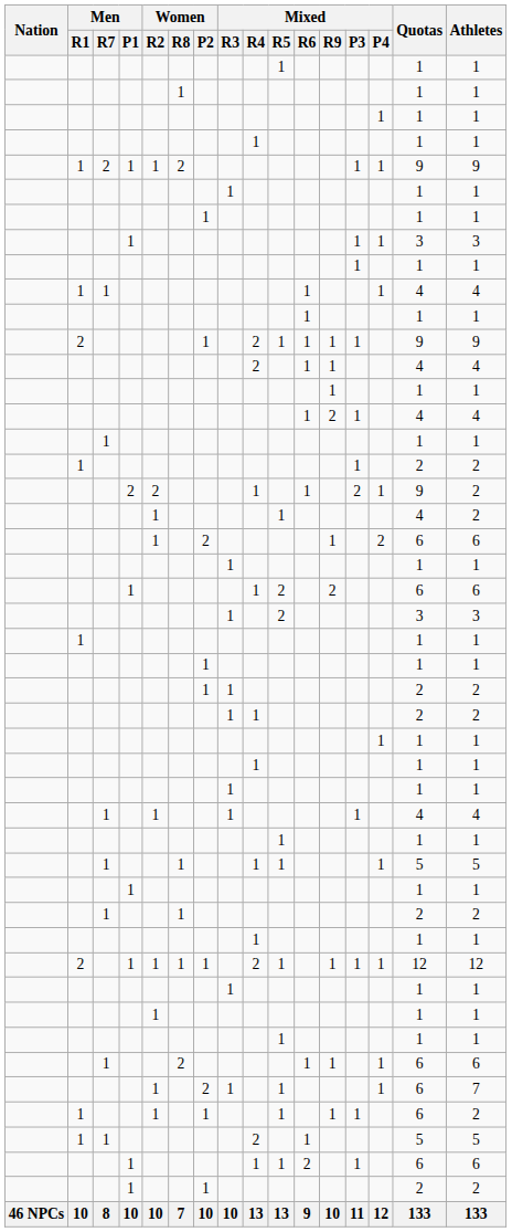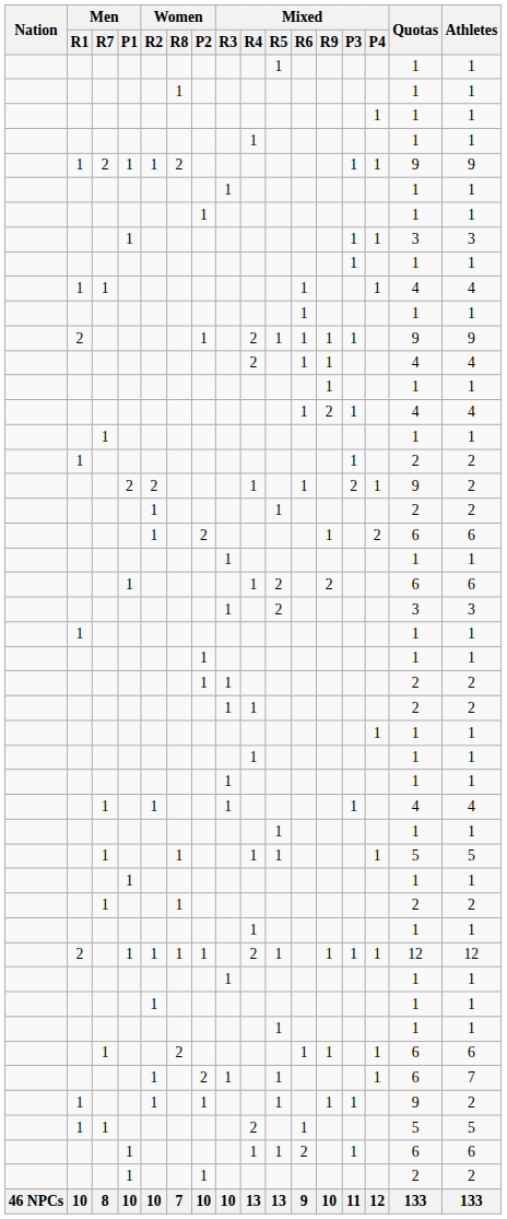 <table class="wikitable sortable" style="font-size:90%">
 <tr>
 <th rowspan="2">Nation</th>
 <th colspan="3">Men</th>
 <th colspan="3">Women</th>
 <th colspan="7">Mixed</th>
 <th rowspan="2">Quotas</th>
 <th rowspan="2">Athletes</th>
 </tr>
 <tr>
 <th>R1</th>
 <th>R7</th>
 <th>P1</th>
 <th>R2</th>
 <th>R8</th>
 <th>P2</th>
 <th>R3</th>
 <th>R4</th>
 <th>R5</th>
 <th>R6</th>
 <th>R9</th>
 <th>P3</th>
 <th>P4</th>
 </tr>
 <tr align=center>
 <td align=left></td>
 <td></td>
 <td></td>
 <td></td>
 <td></td>
 <td></td>
 <td></td>
 <td></td>
 <td></td>
 <td>1</td>
 <td></td>
 <td></td>
 <td></td>
 <td></td>
 <td>1</td>
 <td>1</td>
 </tr>
 <tr align=center>
 <td align=left></td>
 <td></td>
 <td></td>
 <td></td>
 <td></td>
 <td>1</td>
 <td></td>
 <td></td>
 <td></td>
 <td></td>
 <td></td>
 <td></td>
 <td></td>
 <td></td>
 <td>1</td>
 <td>1</td>
 </tr>
 <tr align=center>
 <td align=left></td>
 <td></td>
 <td></td>
 <td></td>
 <td></td>
 <td></td>
 <td></td>
 <td></td>
 <td></td>
 <td></td>
 <td></td>
 <td></td>
 <td></td>
 <td>1</td>
 <td>1</td>
 <td>1</td>
 </tr>
 <tr align=center>
 <td align=left></td>
 <td></td>
 <td></td>
 <td></td>
 <td></td>
 <td></td>
 <td></td>
 <td></td>
 <td>1</td>
 <td></td>
 <td></td>
 <td></td>
 <td></td>
 <td></td>
 <td>1</td>
 <td>1</td>
 </tr>
 <tr align=center>
 <td align=left></td>
 <td>1</td>
 <td>2</td>
 <td>1</td>
 <td>1</td>
 <td>2</td>
 <td></td>
 <td></td>
 <td></td>
 <td></td>
 <td></td>
 <td></td>
 <td>1</td>
 <td>1</td>
 <td>9</td>
 <td>9</td>
 </tr>
 <tr align=center>
 <td align=left></td>
 <td></td>
 <td></td>
 <td></td>
 <td></td>
 <td></td>
 <td></td>
 <td>1</td>
 <td></td>
 <td></td>
 <td></td>
 <td></td>
 <td></td>
 <td></td>
 <td>1</td>
 <td>1</td>
 </tr>
 <tr align=center>
 <td align=left></td>
 <td></td>
 <td></td>
 <td></td>
 <td></td>
 <td></td>
 <td>1</td>
 <td></td>
 <td></td>
 <td></td>
 <td></td>
 <td></td>
 <td></td>
 <td></td>
 <td>1</td>
 <td>1</td>
 </tr>
 <tr align=center>
 <td align=left></td>
 <td></td>
 <td></td>
 <td>1</td>
 <td></td>
 <td></td>
 <td></td>
 <td></td>
 <td></td>
 <td></td>
 <td></td>
 <td></td>
 <td>1</td>
 <td>1</td>
 <td>3</td>
 <td>3</td>
 </tr>
 <tr align=center>
 <td align=left></td>
 <td></td>
 <td></td>
 <td></td>
 <td></td>
 <td></td>
 <td></td>
 <td></td>
 <td></td>
 <td></td>
 <td></td>
 <td></td>
 <td>1</td>
 <td></td>
 <td>1</td>
 <td>1</td>
 </tr>
 <tr align=center>
 <td align=left></td>
 <td>1</td>
 <td>1</td>
 <td></td>
 <td></td>
 <td></td>
 <td></td>
 <td></td>
 <td></td>
 <td></td>
 <td>1</td>
 <td></td>
 <td></td>
 <td>1</td>
 <td>4</td>
 <td>4</td>
 </tr>
 <tr align=center>
 <td align=left></td>
 <td></td>
 <td></td>
 <td></td>
 <td></td>
 <td></td>
 <td></td>
 <td></td>
 <td></td>
 <td></td>
 <td>1</td>
 <td></td>
 <td></td>
 <td></td>
 <td>1</td>
 <td>1</td>
 </tr>
 <tr align=center>
 <td align=left></td>
 <td>2</td>
 <td></td>
 <td></td>
 <td></td>
 <td></td>
 <td>1</td>
 <td></td>
 <td>2</td>
 <td>1</td>
 <td>1</td>
 <td>1</td>
 <td>1</td>
 <td></td>
 <td>9</td>
 <td>9</td>
 </tr>
 <tr align=center>
 <td align=left></td>
 <td></td>
 <td></td>
 <td></td>
 <td></td>
 <td></td>
 <td></td>
 <td></td>
 <td>2</td>
 <td></td>
 <td>1</td>
 <td>1</td>
 <td></td>
 <td></td>
 <td>4</td>
 <td>4</td>
 </tr>
 <tr align=center>
 <td align=left></td>
 <td></td>
 <td></td>
 <td></td>
 <td></td>
 <td></td>
 <td></td>
 <td></td>
 <td></td>
 <td></td>
 <td></td>
 <td>1</td>
 <td></td>
 <td></td>
 <td>1</td>
 <td>1</td>
 </tr>
 <tr align=center>
 <td align=left></td>
 <td></td>
 <td></td>
 <td></td>
 <td></td>
 <td></td>
 <td></td>
 <td></td>
 <td></td>
 <td></td>
 <td>1</td>
 <td>2</td>
 <td>1</td>
 <td></td>
 <td>4</td>
 <td>4</td>
 </tr>
 <tr align=center>
 <td align=left></td>
 <td></td>
 <td>1</td>
 <td></td>
 <td></td>
 <td></td>
 <td></td>
 <td></td>
 <td></td>
 <td></td>
 <td></td>
 <td></td>
 <td></td>
 <td></td>
 <td>1</td>
 <td>1</td>
 </tr>
 <tr align=center>
 <td align=left></td>
 <td>1</td>
 <td></td>
 <td></td>
 <td></td>
 <td></td>
 <td></td>
 <td></td>
 <td></td>
 <td></td>
 <td></td>
 <td></td>
 <td>1</td>
 <td></td>
 <td>2</td>
 <td>2</td>
 </tr>
 <tr align=center>
 <td align=left></td>
 <td></td>
 <td></td>
 <td>2</td>
 <td>2</td>
 <td></td>
 <td></td>
 <td></td>
 <td>1</td>
 <td></td>
 <td>1</td>
 <td></td>
 <td>2</td>
 <td>1</td>
 <td>9</td>
 <td>2</td>
 </tr>
 <tr align=center>
 <td align=left></td>
 <td></td>
 <td></td>
 <td></td>
 <td>1</td>
 <td></td>
 <td></td>
 <td></td>
 <td></td>
 <td>1</td>
 <td></td>
 <td></td>
 <td></td>
 <td></td>
-<td>4</td>
+<td>2</td>
 <td>2</td>
 </tr>
 <tr align=center>
 <td align=left></td>
 <td></td>
 <td></td>
 <td></td>
 <td>1</td>
 <td></td>
 <td>2</td>
 <td></td>
 <td></td>
 <td></td>
 <td></td>
 <td>1</td>
 <td></td>
 <td>2</td>
 <td>6</td>
 <td>6</td>
 </tr>
 <tr align=center>
 <td align=left></td>
 <td></td>
 <td></td>
 <td></td>
 <td></td>
 <td></td>
 <td></td>
 <td>1</td>
 <td></td>
 <td></td>
 <td></td>
 <td></td>
 <td></td>
 <td></td>
 <td>1</td>
 <td>1</td>
 </tr>
 <tr align=center>
 <td align=left></td>
 <td></td>
 <td></td>
 <td>1</td>
 <td></td>
 <td></td>
 <td></td>
 <td></td>
 <td>1</td>
 <td>2</td>
 <td></td>
 <td>2</td>
 <td></td>
 <td></td>
 <td>6</td>
 <td>6</td>
 </tr>
 <tr align=center>
 <td align=left></td>
 <td></td>
 <td></td>
 <td></td>
 <td></td>
 <td></td>
 <td></td>
 <td>1</td>
 <td></td>
 <td>2</td>
 <td></td>
 <td></td>
 <td></td>
 <td></td>
 <td>3</td>
 <td>3</td>
 </tr>
 <tr align=center>
 <td align=left></td>
 <td>1</td>
 <td></td>
 <td></td>
 <td></td>
 <td></td>
 <td></td>
 <td></td>
 <td></td>
 <td></td>
 <td></td>
 <td></td>
 <td></td>
 <td></td>
 <td>1</td>
 <td>1</td>
 </tr>
 <tr align=center>
 <td align=left></td>
 <td></td>
 <td></td>
 <td></td>
 <td></td>
 <td></td>
 <td>1</td>
 <td></td>
 <td></td>
 <td></td>
 <td></td>
 <td></td>
 <td></td>
 <td></td>
 <td>1</td>
 <td>1</td>
 </tr>
 <tr align=center>
 <td align=left></td>
 <td></td>
 <td></td>
 <td></td>
 <td></td>
 <td></td>
 <td>1</td>
 <td>1</td>
 <td></td>
 <td></td>
 <td></td>
 <td></td>
 <td></td>
 <td></td>
 <td>2</td>
 <td>2</td>
 </tr>
 <tr align=center>
 <td align=left></td>
 <td></td>
 <td></td>
 <td></td>
 <td></td>
 <td></td>
 <td></td>
 <td>1</td>
 <td>1</td>
 <td></td>
 <td></td>
 <td></td>
 <td></td>
 <td></td>
 <td>2</td>
 <td>2</td>
 </tr>
 <tr align=center>
 <td align=left></td>
 <td></td>
 <td></td>
 <td></td>
 <td></td>
 <td></td>
 <td></td>
 <td></td>
 <td></td>
 <td></td>
 <td></td>
 <td></td>
 <td></td>
 <td>1</td>
 <td>1</td>
 <td>1</td>
 </tr>
 <tr align=center>
 <td align=left></td>
 <td></td>
 <td></td>
 <td></td>
 <td></td>
 <td></td>
 <td></td>
 <td></td>
 <td>1</td>
 <td></td>
 <td></td>
 <td></td>
 <td></td>
 <td></td>
 <td>1</td>
 <td>1</td>
 </tr>
 <tr align=center>
 <td align=left></td>
 <td></td>
 <td></td>
 <td></td>
 <td></td>
 <td></td>
 <td></td>
 <td>1</td>
 <td></td>
 <td></td>
 <td></td>
 <td></td>
 <td></td>
 <td></td>
 <td>1</td>
 <td>1</td>
 </tr>
 <tr align=center>
 <td align=left></td>
 <td></td>
 <td>1</td>
 <td></td>
 <td>1</td>
 <td></td>
 <td></td>
 <td>1</td>
 <td></td>
 <td></td>
 <td></td>
 <td></td>
 <td>1</td>
 <td></td>
 <td>4</td>
 <td>4</td>
 </tr>
 <tr align=center>
 <td align=left></td>
 <td></td>
 <td></td>
 <td></td>
 <td></td>
 <td></td>
 <td></td>
 <td></td>
 <td></td>
 <td>1</td>
 <td></td>
 <td></td>
 <td></td>
 <td></td>
 <td>1</td>
 <td>1</td>
 </tr>
 <tr align=center>
 <td align=left></td>
 <td></td>
 <td>1</td>
 <td></td>
 <td></td>
 <td>1</td>
 <td></td>
 <td></td>
 <td>1</td>
 <td>1</td>
 <td></td>
 <td></td>
 <td></td>
 <td>1</td>
 <td>5</td>
 <td>5</td>
 </tr>
 <tr align=center>
 <td align=left></td>
 <td></td>
 <td></td>
 <td>1</td>
 <td></td>
 <td></td>
 <td></td>
 <td></td>
 <td></td>
 <td></td>
 <td></td>
 <td></td>
 <td></td>
 <td></td>
 <td>1</td>
 <td>1</td>
 </tr>
 <tr align=center>
 <td align=left></td>
 <td></td>
 <td>1</td>
 <td></td>
 <td></td>
 <td>1</td>
 <td></td>
 <td></td>
 <td></td>
 <td></td>
 <td></td>
 <td></td>
 <td></td>
 <td></td>
 <td>2</td>
 <td>2</td>
 </tr>
 <tr align=center>
 <td align=left></td>
 <td></td>
 <td></td>
 <td></td>
 <td></td>
 <td></td>
 <td></td>
 <td></td>
 <td>1</td>
 <td></td>
 <td></td>
 <td></td>
 <td></td>
 <td></td>
 <td>1</td>
 <td>1</td>
 </tr>
 <tr align=center>
 <td align=left></td>
 <td>2</td>
 <td></td>
 <td>1</td>
 <td>1</td>
 <td>1</td>
 <td>1</td>
 <td></td>
 <td>2</td>
 <td>1</td>
 <td></td>
 <td>1</td>
 <td>1</td>
 <td>1</td>
 <td>12</td>
 <td>12</td>
 </tr>
 <tr align=center>
 <td align=left></td>
 <td></td>
 <td></td>
 <td></td>
 <td></td>
 <td></td>
 <td></td>
 <td>1</td>
 <td></td>
 <td></td>
 <td></td>
 <td></td>
 <td></td>
 <td></td>
 <td>1</td>
 <td>1</td>
 </tr>
 <tr align=center>
 <td align=left></td>
 <td></td>
 <td></td>
 <td></td>
 <td>1</td>
 <td></td>
 <td></td>
 <td></td>
 <td></td>
 <td></td>
 <td></td>
 <td></td>
 <td></td>
 <td></td>
 <td>1</td>
 <td>1</td>
 </tr>
 <tr align=center>
 <td align=left></td>
 <td></td>
 <td></td>
 <td></td>
 <td></td>
 <td></td>
 <td></td>
 <td></td>
 <td></td>
 <td>1</td>
 <td></td>
 <td></td>
 <td></td>
 <td></td>
 <td>1</td>
 <td>1</td>
 </tr>
 <tr align=center>
 <td align=left></td>
 <td></td>
 <td>1</td>
 <td></td>
 <td></td>
 <td>2</td>
 <td></td>
 <td></td>
 <td></td>
 <td></td>
 <td>1</td>
 <td>1</td>
 <td></td>
 <td>1</td>
 <td>6</td>
 <td>6</td>
 </tr>
 <tr align=center>
 <td align=left></td>
 <td></td>
 <td></td>
 <td></td>
 <td>1</td>
 <td></td>
 <td>2</td>
 <td>1</td>
 <td></td>
 <td>1</td>
 <td></td>
 <td></td>
 <td></td>
 <td>1</td>
 <td>6</td>
 <td>7</td>
 </tr>
 <tr align=center>
 <td align=left></td>
 <td>1</td>
 <td></td>
 <td></td>
 <td>1</td>
 <td></td>
 <td>1</td>
 <td></td>
 <td></td>
 <td>1</td>
 <td></td>
 <td>1</td>
 <td>1</td>
 <td></td>
-<td>6</td>
+<td>9</td>
 <td>2</td>
 </tr>
 <tr align=center>
 <td align=left></td>
 <td>1</td>
 <td>1</td>
 <td></td>
 <td></td>
 <td></td>
 <td></td>
 <td></td>
 <td>2</td>
 <td></td>
 <td>1</td>
 <td></td>
 <td></td>
 <td></td>
 <td>5</td>
 <td>5</td>
 </tr>
 <tr align=center>
 <td align=left></td>
 <td></td>
 <td></td>
 <td>1</td>
 <td></td>
 <td></td>
 <td></td>
 <td></td>
 <td>1</td>
 <td>1</td>
 <td>2</td>
 <td></td>
 <td>1</td>
 <td></td>
 <td>6</td>
 <td>6</td>
 </tr>
 <tr align=center>
 <td align=left></td>
 <td></td>
 <td></td>
 <td>1</td>
 <td></td>
 <td></td>
 <td>1</td>
 <td></td>
 <td></td>
 <td></td>
 <td></td>
 <td></td>
 <td></td>
 <td></td>
 <td>2</td>
 <td>2</td>
 </tr>
 <tr>
 <th>46 NPCs</th>
 <th>10</th>
 <th>8</th>
 <th>10</th>
 <th>10</th>
 <th>7</th>
 <th>10</th>
 <th>10</th>
 <th>13</th>
 <th>13</th>
 <th>9</th>
 <th>10</th>
 <th>11</th>
 <th>12</th>
 <th>133</th>
 <th>133</th>
 </tr>
 </table>
